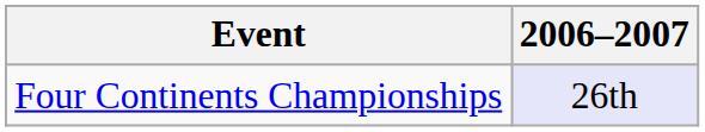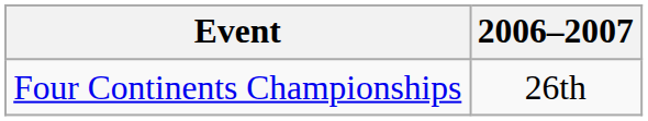 <table class="wikitable" style="text-align:center">
 <tr>
 <th>Event</th>
 <th>2006–2007</th>
 </tr>
 <tr>
 <td align=left><a href='#'>Four Continents Championships</a></td>
-<td style="background: lavender;">26th</td>
+<td>26th</td>
 </tr>
 </table>
